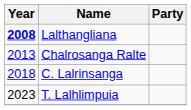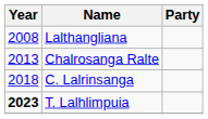 <table class="wikitable sortable">
 <tr>
 <th>Year</th>
 <th>Name</th>
 <th colspan=2>Party</th>
 </tr>
 <tr>
-<td><strong><a href='#'>2008</a></strong></td>
+<td><a href='#'>2008</a></td>
 <td><a href='#'>Lalthangliana</a></td>
 <td></td>
 </tr>
 <tr>
 <td><a href='#'>2013</a></td>
 <td><a href='#'>Chalrosanga Ralte</a></td>
 <td></td>
 </tr>
 <tr>
 <td><a href='#'>2018</a></td>
 <td><a href='#'>C. Lalrinsanga</a></td>
 <td></td>
 </tr>
 <tr>
-<td>2023</td>
+<td><strong>2023</strong></td>
 <td><a href='#'>T. Lalhlimpuia</a></td>
 <td></td>
 </tr>
 <tr>
 </tr>
 </table>
